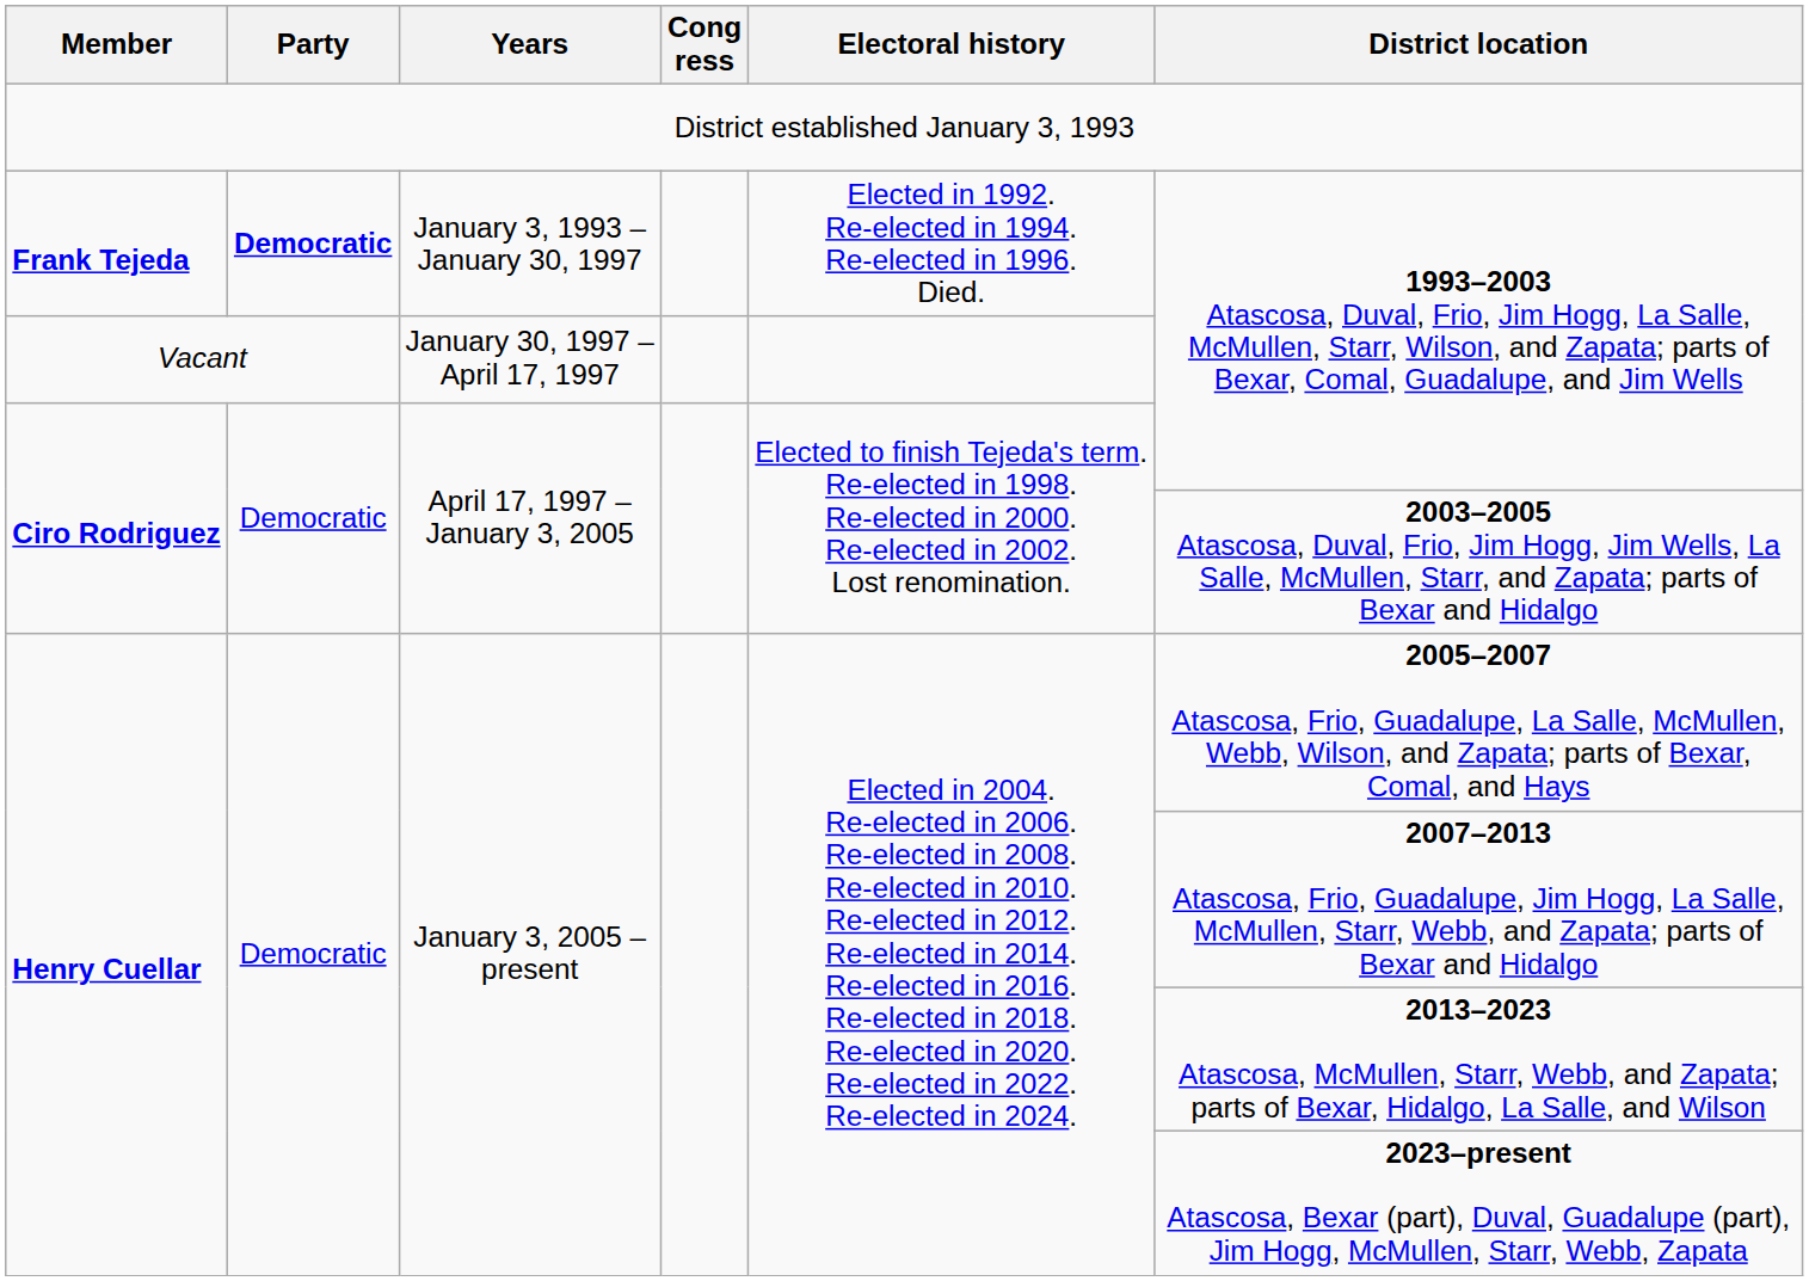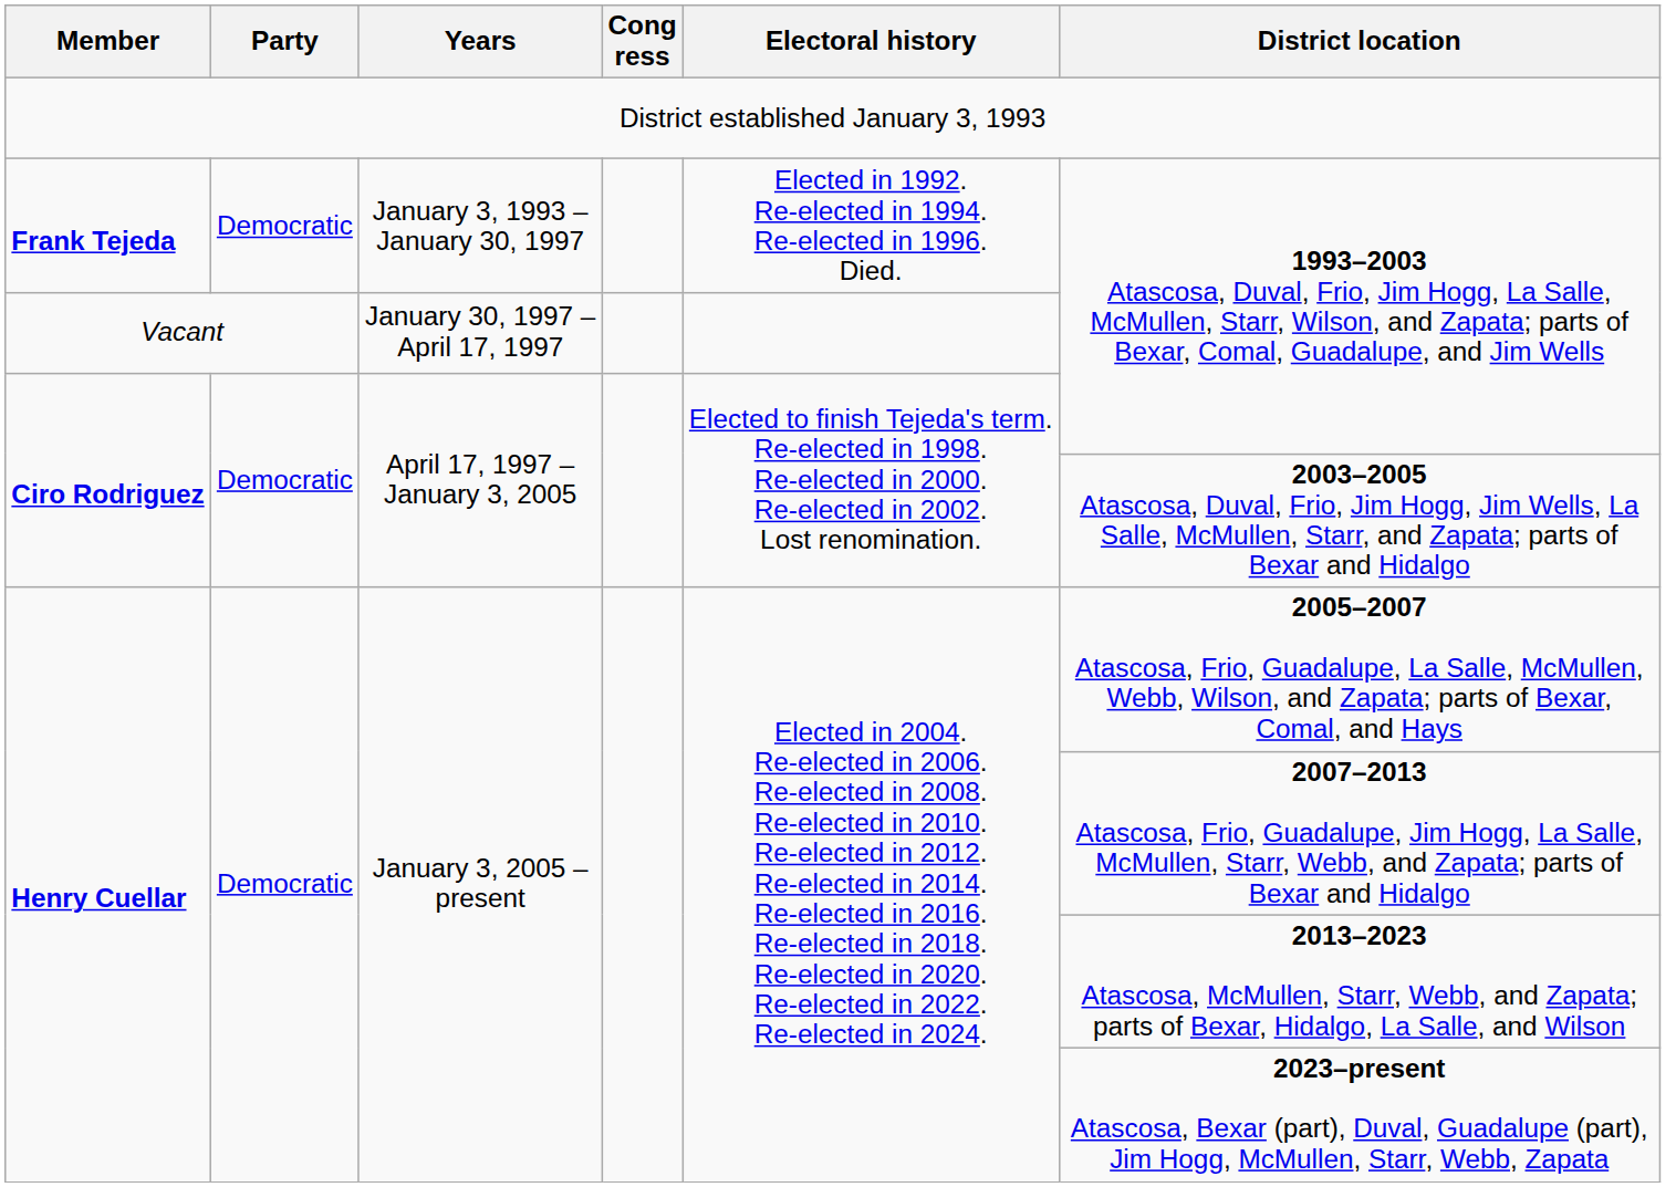 <table class=wikitable style="text-align:center">
 <tr>
 <th>Member</th>
 <th>Party</th>
 <th>Years</th>
 <th>Cong<br>ress</th>
 <th>Electoral history</th>
 <th width=350>District location</th>
 </tr>
 <tr style="height:3em">
 <td colspan=6>District established January 3, 1993</td>
 </tr>
 <tr style="height:3em">
 <td align=left><br><strong><a href='#'>Frank Tejeda</a></strong><br></td>
-<td><strong><a href='#'>Democratic</a></strong></td>
+<td><a href='#'>Democratic</a></td>
 <td nowrap>January 3, 1993 –<br>January 30, 1997</td>
 <td></td>
 <td><a href='#'>Elected in 1992</a>.<br><a href='#'>Re-elected in 1994</a>.<br><a href='#'>Re-elected in 1996</a>.<br>Died.</td>
 <td rowspan=3><strong>1993–2003</strong><br><a href='#'>Atascosa</a>, <a href='#'>Duval</a>, <a href='#'>Frio</a>, <a href='#'>Jim Hogg</a>, <a href='#'>La Salle</a>, <a href='#'>McMullen</a>, <a href='#'>Starr</a>, <a href='#'>Wilson</a>, and <a href='#'>Zapata</a>; parts of <a href='#'>Bexar</a>, <a href='#'>Comal</a>, <a href='#'>Guadalupe</a>, and <a href='#'>Jim Wells</a></td>
 </tr>
 <tr style="height:3em">
 <td colspan=2><em>Vacant</em></td>
 <td nowrap>January 30, 1997 –<br>April 17, 1997</td>
 <td></td>
 <td></td>
 </tr>
 <tr style="height:3em">
 <td rowspan=2 align=left><br><strong><a href='#'>Ciro Rodriguez</a></strong><br></td>
 <td rowspan=2 ><a href='#'>Democratic</a></td>
 <td rowspan=2 nowrap>April 17, 1997 –<br>January 3, 2005</td>
 <td rowspan=2></td>
 <td rowspan=2><a href='#'>Elected to finish Tejeda's term</a>.<br><a href='#'>Re-elected in 1998</a>.<br><a href='#'>Re-elected in 2000</a>.<br><a href='#'>Re-elected in 2002</a>.<br>Lost renomination.</td>
 </tr>
 <tr style="height:3em">
 <td><strong>2003–2005</strong><br><a href='#'>Atascosa</a>, <a href='#'>Duval</a>, <a href='#'>Frio</a>, <a href='#'>Jim Hogg</a>, <a href='#'>Jim Wells</a>, <a href='#'>La Salle</a>, <a href='#'>McMullen</a>, <a href='#'>Starr</a>, and <a href='#'>Zapata</a>; parts of <a href='#'>Bexar</a> and <a href='#'>Hidalgo</a></td>
 </tr>
 <tr style="height:3em">
 <td rowspan=4 align=left><br><strong><a href='#'>Henry Cuellar</a></strong><br></td>
 <td rowspan=4 ><a href='#'>Democratic</a></td>
 <td rowspan=4 nowrap>January 3, 2005 –<br>present</td>
 <td rowspan=4></td>
 <td rowspan=4><a href='#'>Elected in 2004</a>.<br><a href='#'>Re-elected in 2006</a>.<br><a href='#'>Re-elected in 2008</a>.<br><a href='#'>Re-elected in 2010</a>.<br><a href='#'>Re-elected in 2012</a>.<br><a href='#'>Re-elected in 2014</a>.<br><a href='#'>Re-elected in 2016</a>.<br><a href='#'>Re-elected in 2018</a>.<br><a href='#'>Re-elected in 2020</a>.<br><a href='#'>Re-elected in 2022</a>.<br><a href='#'>Re-elected in 2024</a>.</td>
 <td><strong>2005–2007</strong><br><br><a href='#'>Atascosa</a>, <a href='#'>Frio</a>, <a href='#'>Guadalupe</a>, <a href='#'>La Salle</a>, <a href='#'>McMullen</a>, <a href='#'>Webb</a>, <a href='#'>Wilson</a>, and <a href='#'>Zapata</a>; parts of <a href='#'>Bexar</a>, <a href='#'>Comal</a>, and <a href='#'>Hays</a></td>
 </tr>
 <tr style="height:3em">
 <td><strong>2007–2013</strong><br><br><a href='#'>Atascosa</a>, <a href='#'>Frio</a>, <a href='#'>Guadalupe</a>, <a href='#'>Jim Hogg</a>, <a href='#'>La Salle</a>, <a href='#'>McMullen</a>, <a href='#'>Starr</a>, <a href='#'>Webb</a>, and <a href='#'>Zapata</a>; parts of <a href='#'>Bexar</a> and <a href='#'>Hidalgo</a></td>
 </tr>
 <tr style="height:3em">
 <td><strong>2013–2023</strong><br><br><a href='#'>Atascosa</a>, <a href='#'>McMullen</a>, <a href='#'>Starr</a>, <a href='#'>Webb</a>, and <a href='#'>Zapata</a>; parts of <a href='#'>Bexar</a>, <a href='#'>Hidalgo</a>, <a href='#'>La Salle</a>, and <a href='#'>Wilson</a></td>
 </tr>
 <tr style="height:3em">
 <td><strong>2023–present</strong><br><br><a href='#'>Atascosa</a>, <a href='#'>Bexar</a> (part), <a href='#'>Duval</a>, <a href='#'>Guadalupe</a> (part), <a href='#'>Jim Hogg</a>, <a href='#'>McMullen</a>, <a href='#'>Starr</a>, <a href='#'>Webb</a>, <a href='#'>Zapata</a></td>
 </tr>
 </table>
